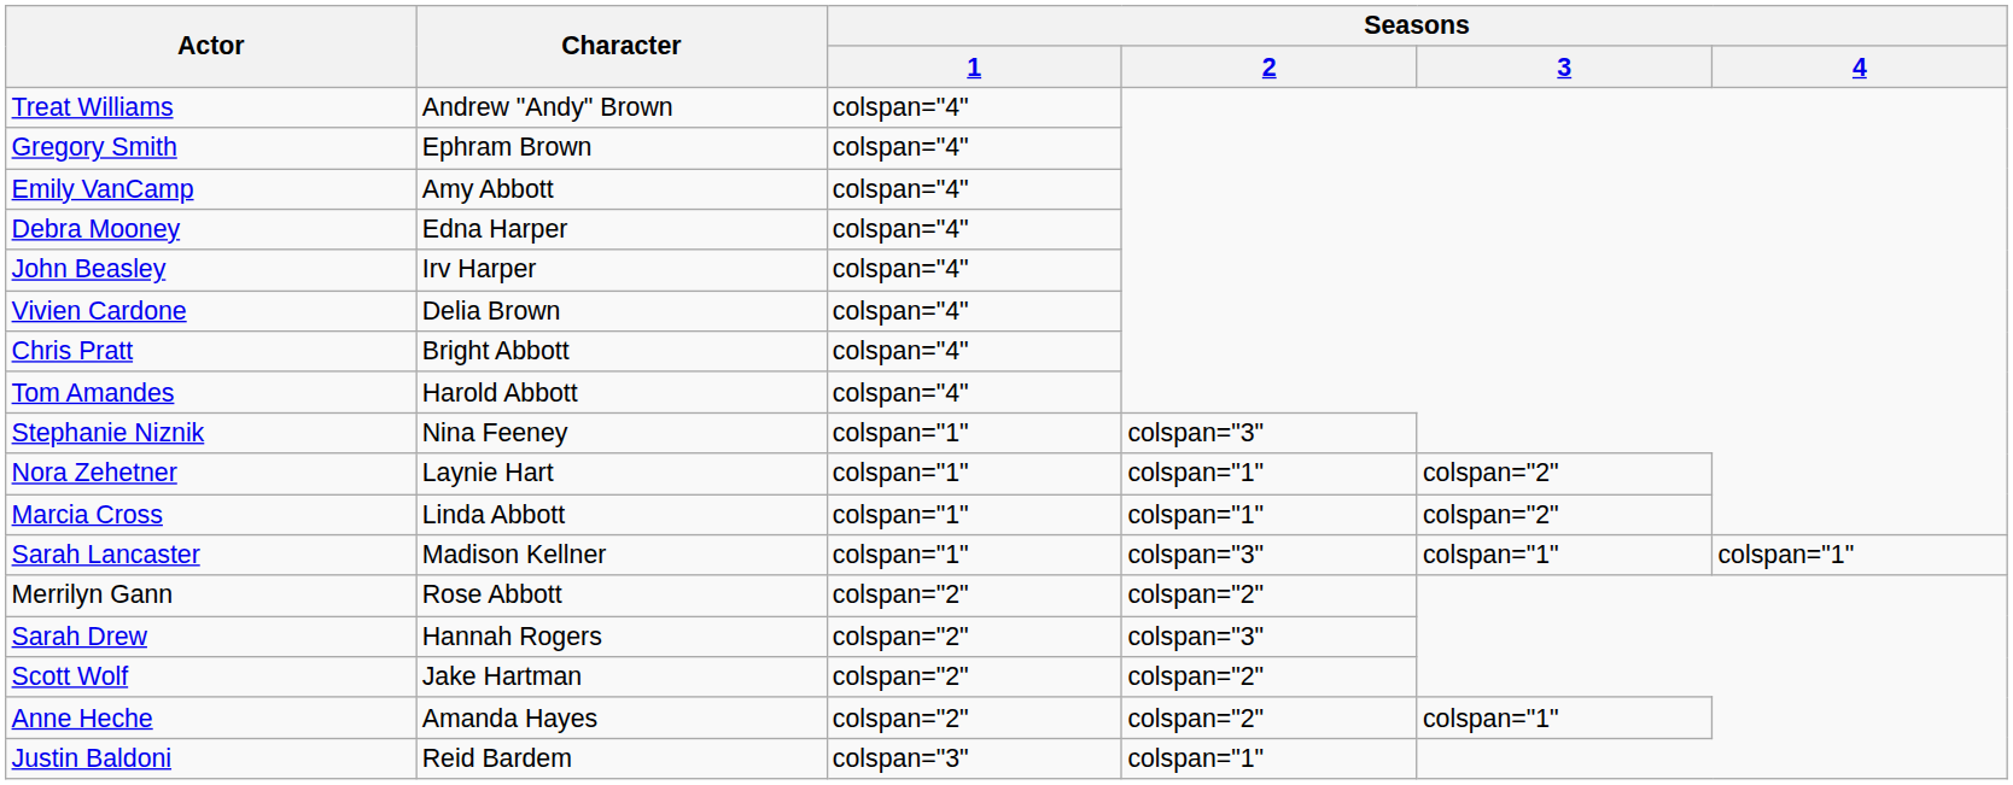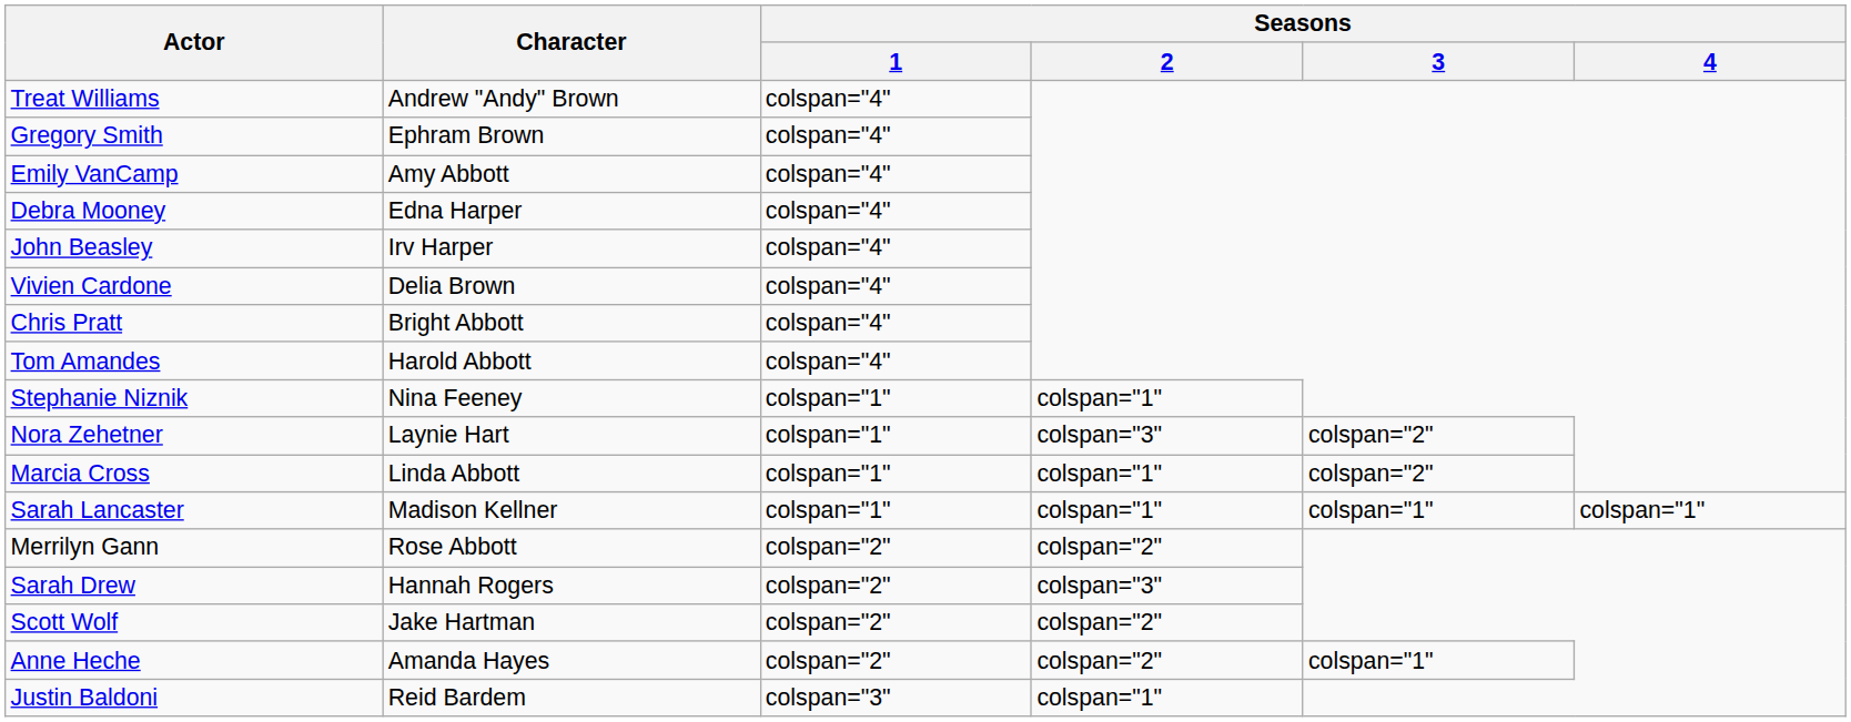 <table class="wikitable">
 <tr>
 <th rowspan="2" width="10%" scope="col">Actor</th>
 <th rowspan="2" width="10%" scope="col">Character</th>
 <th colspan="4">Seasons</th>
 </tr>
 <tr>
 <th style="width:7%;"><a href='#'>1</a></th>
 <th style="width:7%;"><a href='#'>2</a></th>
 <th style="width:7%;"><a href='#'>3</a></th>
 <th style="width:7%;"><a href='#'>4</a></th>
 </tr>
 <tr>
 <td><a href='#'>Treat Williams</a></td>
 <td>Andrew "Andy" Brown</td>
 <td>colspan="4" </td>
 </tr>
 <tr>
 <td><a href='#'>Gregory Smith</a></td>
 <td>Ephram Brown</td>
 <td>colspan="4" </td>
 </tr>
 <tr>
 <td><a href='#'>Emily VanCamp</a></td>
 <td>Amy Abbott</td>
 <td>colspan="4" </td>
 </tr>
 <tr>
 <td><a href='#'>Debra Mooney</a></td>
 <td>Edna Harper</td>
 <td>colspan="4" </td>
 </tr>
 <tr>
 <td><a href='#'>John Beasley</a></td>
 <td>Irv Harper</td>
 <td>colspan="4" </td>
 </tr>
 <tr>
 <td><a href='#'>Vivien Cardone</a></td>
 <td>Delia Brown</td>
 <td>colspan="4" </td>
 </tr>
 <tr>
 <td><a href='#'>Chris Pratt</a></td>
 <td>Bright Abbott</td>
 <td>colspan="4" </td>
 </tr>
 <tr>
 <td><a href='#'>Tom Amandes</a></td>
 <td>Harold Abbott</td>
 <td>colspan="4" </td>
 </tr>
 <tr>
 <td><a href='#'>Stephanie Niznik</a></td>
 <td>Nina Feeney</td>
 <td>colspan="1" </td>
-<td>colspan="3" </td>
+<td>colspan="1" </td>
 </tr>
 <tr>
 <td><a href='#'>Nora Zehetner</a></td>
 <td>Laynie Hart</td>
 <td>colspan="1" </td>
-<td>colspan="1" </td>
+<td>colspan="3" </td>
 <td>colspan="2" </td>
 </tr>
 <tr>
 <td><a href='#'>Marcia Cross</a></td>
 <td>Linda Abbott</td>
 <td>colspan="1" </td>
 <td>colspan="1" </td>
 <td>colspan="2" </td>
 </tr>
 <tr>
 <td><a href='#'>Sarah Lancaster</a></td>
 <td>Madison Kellner</td>
 <td>colspan="1" </td>
-<td>colspan="3" </td>
+<td>colspan="1" </td>
 <td>colspan="1" </td>
 <td>colspan="1" </td>
 </tr>
 <tr>
 <td>Merrilyn Gann</td>
 <td>Rose Abbott</td>
 <td>colspan="2" </td>
 <td>colspan="2" </td>
 </tr>
 <tr>
 <td><a href='#'>Sarah Drew</a></td>
 <td>Hannah Rogers</td>
 <td>colspan="2" </td>
 <td>colspan="3" </td>
 </tr>
 <tr>
 <td><a href='#'>Scott Wolf</a></td>
 <td>Jake Hartman</td>
 <td>colspan="2" </td>
 <td>colspan="2" </td>
 </tr>
 <tr>
 <td><a href='#'>Anne Heche</a></td>
 <td>Amanda Hayes</td>
 <td>colspan="2" </td>
 <td>colspan="2" </td>
 <td>colspan="1" </td>
 </tr>
 <tr>
 <td><a href='#'>Justin Baldoni</a></td>
 <td>Reid Bardem</td>
 <td>colspan="3" </td>
 <td>colspan="1" </td>
 </tr>
 </table>
